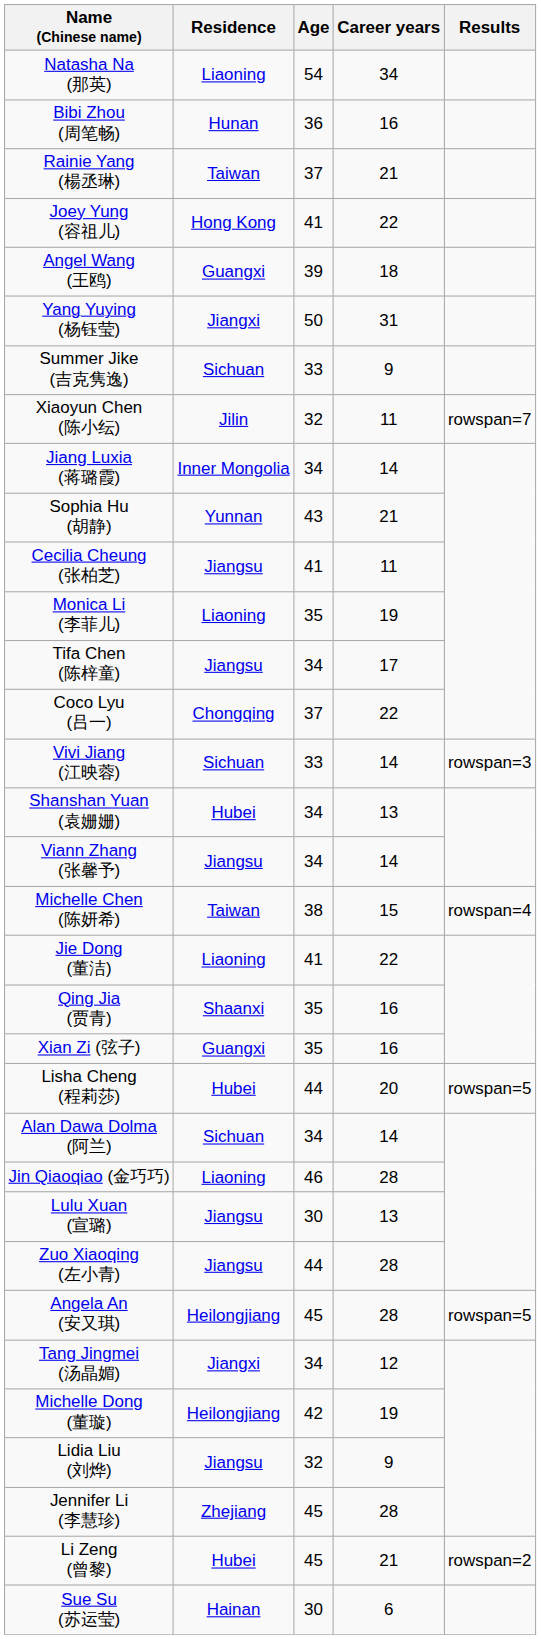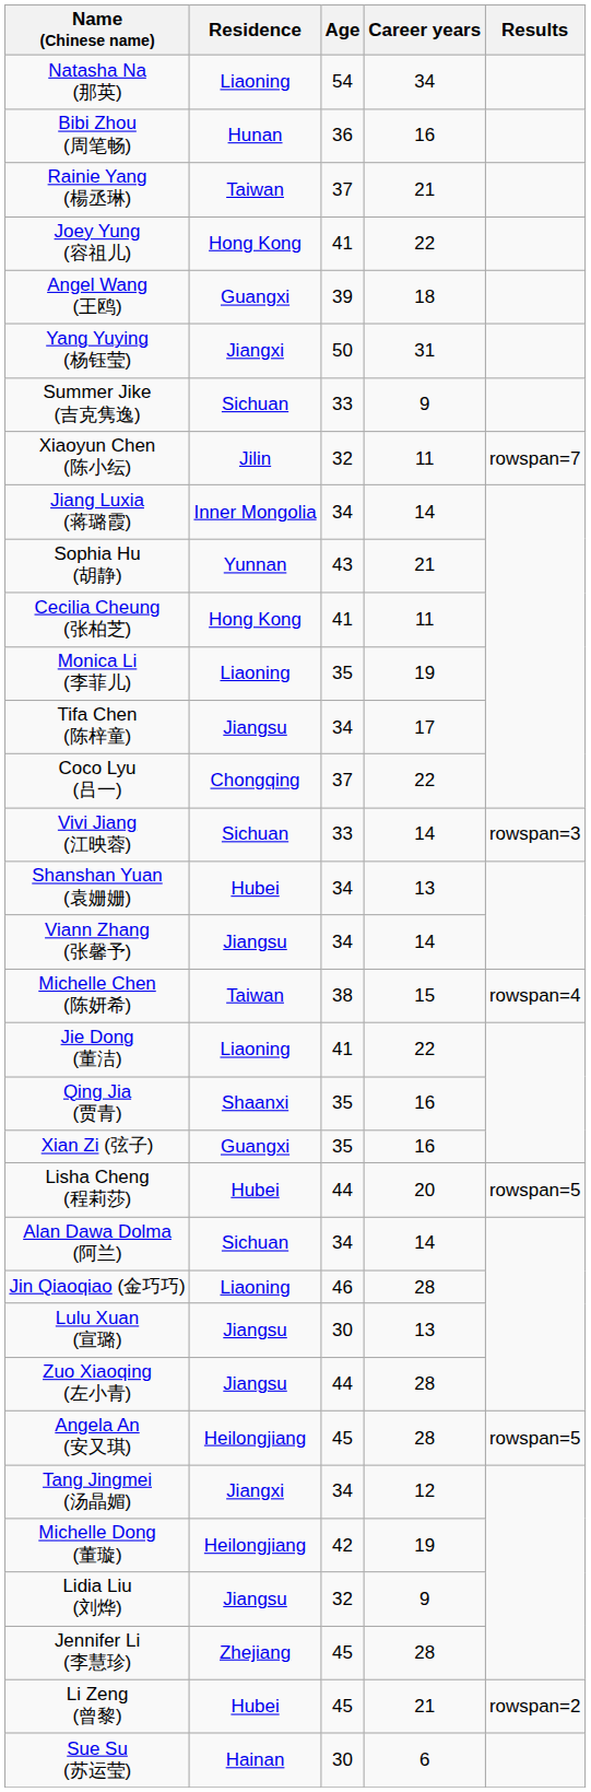 <table class="wikitable sortable" style="text-align:center;">
 <tr>
 <th>Name<br><small>(Chinese name)</small></th>
 <th>Residence</th>
 <th>Age</th>
 <th>Career years</th>
 <th>Results</th>
 </tr>
 <tr>
 <td><a href='#'>Natasha Na</a><br>(那英)</td>
 <td><a href='#'>Liaoning</a></td>
 <td>54</td>
 <td>34</td>
 <td></td>
 </tr>
 <tr>
 <td><a href='#'>Bibi Zhou</a><br>(周笔畅)</td>
 <td><a href='#'>Hunan</a></td>
 <td>36</td>
 <td>16</td>
 <td></td>
 </tr>
 <tr>
 <td><a href='#'>Rainie Yang</a><br>(楊丞琳)</td>
 <td><a href='#'>Taiwan</a></td>
 <td>37</td>
 <td>21</td>
 <td></td>
 </tr>
 <tr>
 <td><a href='#'>Joey Yung</a><br>(容祖儿)</td>
 <td><a href='#'>Hong Kong</a></td>
 <td>41</td>
 <td>22</td>
 <td></td>
 </tr>
 <tr>
 <td><a href='#'>Angel Wang</a><br>(王鸥)</td>
 <td><a href='#'>Guangxi</a></td>
 <td>39</td>
 <td>18</td>
 <td></td>
 </tr>
 <tr>
 <td><a href='#'>Yang Yuying</a> <br> (杨钰莹)</td>
 <td><a href='#'>Jiangxi</a></td>
 <td>50</td>
 <td>31</td>
 <td></td>
 </tr>
 <tr>
 <td>Summer Jike<br>(吉克隽逸)</td>
 <td><a href='#'>Sichuan</a></td>
 <td>33</td>
 <td>9</td>
 <td></td>
 </tr>
 <tr>
 <td>Xiaoyun Chen <br> (陈小纭)</td>
 <td><a href='#'>Jilin</a></td>
 <td>32</td>
 <td>11</td>
 <td>rowspan=7 </td>
 </tr>
 <tr>
 <td><a href='#'>Jiang Luxia</a><br> (蒋璐霞)</td>
 <td><a href='#'>Inner Mongolia</a></td>
 <td>34</td>
 <td>14</td>
 </tr>
 <tr>
 <td>Sophia Hu <br>(胡静)</td>
 <td><a href='#'>Yunnan</a></td>
 <td>43</td>
 <td>21</td>
 </tr>
 <tr>
 <td><a href='#'>Cecilia Cheung</a> <br>(张柏芝)</td>
-<td><a href='#'>Jiangsu</a></td>
+<td><a href='#'>Hong Kong</a></td>
 <td>41</td>
 <td>11</td>
 </tr>
 <tr>
 <td><a href='#'>Monica Li</a> <br> (李菲儿)</td>
 <td><a href='#'>Liaoning</a></td>
 <td>35</td>
 <td>19</td>
 </tr>
 <tr>
 <td>Tifa Chen <br>(陈梓童)</td>
 <td><a href='#'>Jiangsu</a></td>
 <td>34</td>
 <td>17</td>
 </tr>
 <tr>
 <td>Coco Lyu<br> (吕一)</td>
 <td><a href='#'>Chongqing</a></td>
 <td>37</td>
 <td>22</td>
 </tr>
 <tr>
 <td><a href='#'>Vivi Jiang</a> <br>(江映蓉)</td>
 <td><a href='#'>Sichuan</a></td>
 <td>33</td>
 <td>14</td>
 <td>rowspan=3 </td>
 </tr>
 <tr>
 <td><a href='#'>Shanshan Yuan</a><br> (袁姗姗)</td>
 <td><a href='#'>Hubei</a></td>
 <td>34</td>
 <td>13</td>
 </tr>
 <tr>
 <td><a href='#'>Viann Zhang</a><br> (张馨予)</td>
 <td><a href='#'>Jiangsu</a></td>
 <td>34</td>
 <td>14</td>
 </tr>
 <tr>
 <td><a href='#'>Michelle Chen</a><br> (陈妍希)</td>
 <td><a href='#'>Taiwan</a></td>
 <td>38</td>
 <td>15</td>
 <td>rowspan=4 </td>
 </tr>
 <tr>
 <td><a href='#'>Jie Dong</a> <br>(董洁)</td>
 <td><a href='#'>Liaoning</a></td>
 <td>41</td>
 <td>22</td>
 </tr>
 <tr>
 <td><a href='#'>Qing Jia</a> <br>(贾青)</td>
 <td><a href='#'>Shaanxi</a></td>
 <td>35</td>
 <td>16</td>
 </tr>
 <tr>
 <td><a href='#'>Xian Zi</a> (弦子)</td>
 <td><a href='#'>Guangxi</a></td>
 <td>35</td>
 <td>16</td>
 </tr>
 <tr>
 <td>Lisha Cheng <br>(程莉莎)</td>
 <td><a href='#'>Hubei</a></td>
 <td>44</td>
 <td>20</td>
 <td>rowspan=5 </td>
 </tr>
 <tr>
 <td><a href='#'>Alan Dawa Dolma</a> <br>(阿兰)</td>
 <td><a href='#'>Sichuan</a></td>
 <td>34</td>
 <td>14</td>
 </tr>
 <tr>
 <td><a href='#'>Jin Qiaoqiao</a> (金巧巧)</td>
 <td><a href='#'>Liaoning</a></td>
 <td>46</td>
 <td>28</td>
 </tr>
 <tr>
 <td><a href='#'>Lulu Xuan</a><br> (宣璐)</td>
 <td><a href='#'>Jiangsu</a></td>
 <td>30</td>
 <td>13</td>
 </tr>
 <tr>
 <td><a href='#'>Zuo Xiaoqing</a> <br>(左小青)</td>
 <td><a href='#'>Jiangsu</a></td>
 <td>44</td>
 <td>28</td>
 </tr>
 <tr>
 <td><a href='#'>Angela An</a><br> (安又琪)</td>
 <td><a href='#'>Heilongjiang</a></td>
 <td>45</td>
 <td>28</td>
 <td>rowspan=5 </td>
 </tr>
 <tr>
 <td><a href='#'>Tang Jingmei</a><br> (汤晶媚)</td>
 <td><a href='#'>Jiangxi</a></td>
 <td>34</td>
 <td>12</td>
 </tr>
 <tr>
 <td><a href='#'>Michelle Dong</a><br> (董璇)</td>
 <td><a href='#'>Heilongjiang</a></td>
 <td>42</td>
 <td>19</td>
 </tr>
 <tr>
 <td>Lidia Liu<br> (刘烨)</td>
 <td><a href='#'>Jiangsu</a></td>
 <td>32</td>
 <td>9</td>
 </tr>
 <tr>
 <td>Jennifer Li <br>(李慧珍)</td>
 <td><a href='#'>Zhejiang</a></td>
 <td>45</td>
 <td>28</td>
 </tr>
 <tr>
 <td>Li Zeng <br> (曾黎)</td>
 <td><a href='#'>Hubei</a></td>
 <td>45</td>
 <td>21</td>
 <td>rowspan=2 </td>
 </tr>
 <tr>
 <td><a href='#'>Sue Su</a>  <br>(苏运莹)</td>
 <td><a href='#'>Hainan</a></td>
 <td>30</td>
 <td>6</td>
 </tr>
 </table>
